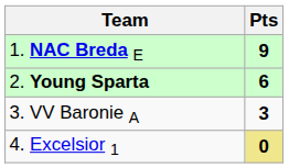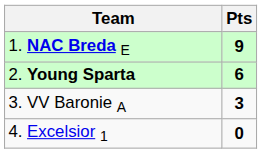 <table class="wikitable" style="text-align:center; float:left; margin-right:1em">
 <tr>
 <th style="width:200px">Team</th>
 <th width=20>Pts</th>
 </tr>
 <tr bgcolor=ccffcc>
 <td align=left>1. <strong><a href='#'>NAC Breda</a></strong> <sub>E</sub></td>
 <td><strong>9</strong></td>
 </tr>
 <tr bgcolor=ccffcc>
 <td align=left>2. <strong>Young Sparta</strong></td>
 <td><strong>6</strong></td>
 </tr>
 <tr>
 <td align=left>3. VV Baronie <sub>A</sub></td>
 <td><strong>3</strong></td>
 </tr>
 <tr>
 <td align=left>4. <a href='#'>Excelsior</a> <sub>1</sub></td>
-<td style="background: khaki;"><strong>0</strong></td>
+<td><strong>0</strong></td>
 </tr>
 </table>
